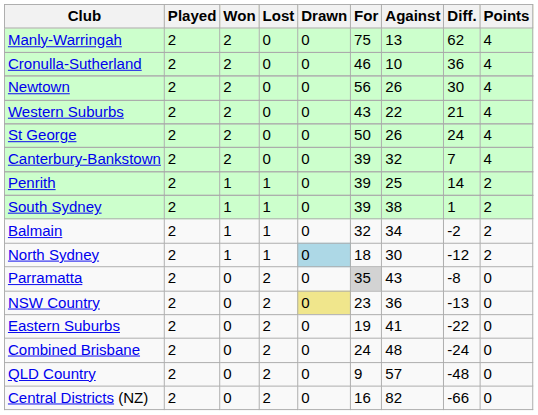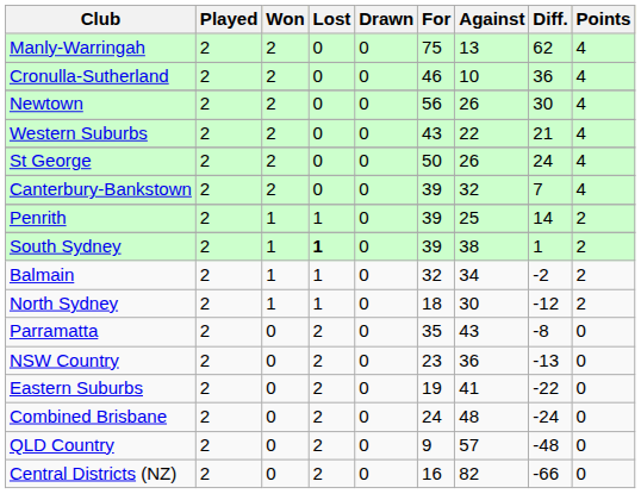 <table class="wikitable">
 <tr style="background:#bdb76b;">
 <th>Club</th>
 <th>Played</th>
 <th>Won</th>
 <th>Lost</th>
 <th>Drawn</th>
 <th>For</th>
 <th>Against</th>
 <th>Diff.</th>
 <th>Points</th>
 </tr>
 <tr style="background:#cfc;">
 <td> <a href='#'>Manly-Warringah</a></td>
 <td>2</td>
 <td>2</td>
 <td>0</td>
 <td>0</td>
 <td>75</td>
 <td>13</td>
 <td>62</td>
 <td>4</td>
 </tr>
 <tr>
 </tr>
 <tr style="background:#cfc;">
 <td> <a href='#'>Cronulla-Sutherland</a></td>
 <td>2</td>
 <td>2</td>
 <td>0</td>
 <td>0</td>
 <td>46</td>
 <td>10</td>
 <td>36</td>
 <td>4</td>
 </tr>
 <tr>
 </tr>
 <tr style="background:#cfc;">
 <td> <a href='#'>Newtown</a></td>
 <td>2</td>
 <td>2</td>
 <td>0</td>
 <td>0</td>
 <td>56</td>
 <td>26</td>
 <td>30</td>
 <td>4</td>
 </tr>
 <tr style="background:#cfc;">
 </tr>
 <tr>
 </tr>
 <tr style="background:#cfc;">
 <td> <a href='#'>Western Suburbs</a></td>
 <td>2</td>
 <td>2</td>
 <td>0</td>
 <td>0</td>
 <td>43</td>
 <td>22</td>
 <td>21</td>
 <td>4</td>
 </tr>
 <tr>
 </tr>
 <tr style="background:#cfc;">
 <td> <a href='#'>St George</a></td>
 <td>2</td>
 <td>2</td>
 <td>0</td>
 <td>0</td>
 <td>50</td>
 <td>26</td>
 <td>24</td>
 <td>4</td>
 </tr>
 <tr>
 </tr>
 <tr style="background:#cfc;">
 <td> <a href='#'>Canterbury-Bankstown</a></td>
 <td>2</td>
 <td>2</td>
 <td>0</td>
 <td>0</td>
 <td>39</td>
 <td>32</td>
 <td>7</td>
 <td>4</td>
 </tr>
 <tr>
 </tr>
 <tr style="background:#cfc;">
 <td> <a href='#'>Penrith</a></td>
 <td>2</td>
 <td>1</td>
 <td>1</td>
 <td>0</td>
 <td>39</td>
 <td>25</td>
 <td>14</td>
 <td>2</td>
 </tr>
 <tr>
 </tr>
 <tr style="background:#cfc;">
 <td> <a href='#'>South Sydney</a></td>
 <td>2</td>
 <td>1</td>
-<td>1</td>
+<td><strong>1</strong></td>
 <td>0</td>
 <td>39</td>
 <td>38</td>
 <td>1</td>
 <td>2</td>
 </tr>
 <tr>
 <td> <a href='#'>Balmain</a></td>
 <td>2</td>
 <td>1</td>
 <td>1</td>
 <td>0</td>
 <td>32</td>
 <td>34</td>
 <td>-2</td>
 <td>2</td>
 </tr>
 <tr>
 <td> <a href='#'>North Sydney</a></td>
 <td>2</td>
 <td>1</td>
 <td>1</td>
-<td style="background: lightblue;">0</td>
+<td>0</td>
 <td>18</td>
 <td>30</td>
 <td>-12</td>
 <td>2</td>
 </tr>
 <tr>
 <td> <a href='#'>Parramatta</a></td>
 <td>2</td>
 <td>0</td>
 <td>2</td>
 <td>0</td>
-<td style="background: lightgrey;">35</td>
+<td>35</td>
 <td>43</td>
 <td>-8</td>
 <td>0</td>
 </tr>
 <tr>
 <td> <a href='#'>NSW Country</a></td>
 <td>2</td>
 <td>0</td>
 <td>2</td>
-<td style="background: khaki;">0</td>
+<td>0</td>
 <td>23</td>
 <td>36</td>
 <td>-13</td>
 <td>0</td>
 </tr>
 <tr>
 <td> <a href='#'>Eastern Suburbs</a></td>
 <td>2</td>
 <td>0</td>
 <td>2</td>
 <td>0</td>
 <td>19</td>
 <td>41</td>
 <td>-22</td>
 <td>0</td>
 </tr>
 <tr>
 <td> <a href='#'>Combined Brisbane</a></td>
 <td>2</td>
 <td>0</td>
 <td>2</td>
 <td>0</td>
 <td>24</td>
 <td>48</td>
 <td>-24</td>
 <td>0</td>
 </tr>
 <tr>
 <td> <a href='#'>QLD Country</a></td>
 <td>2</td>
 <td>0</td>
 <td>2</td>
 <td>0</td>
 <td>9</td>
 <td>57</td>
 <td>-48</td>
 <td>0</td>
 </tr>
 <tr>
 <td> <a href='#'>Central Districts</a> (NZ)</td>
 <td>2</td>
 <td>0</td>
 <td>2</td>
 <td>0</td>
 <td>16</td>
 <td>82</td>
 <td>-66</td>
 <td>0</td>
 </tr>
 </table>
